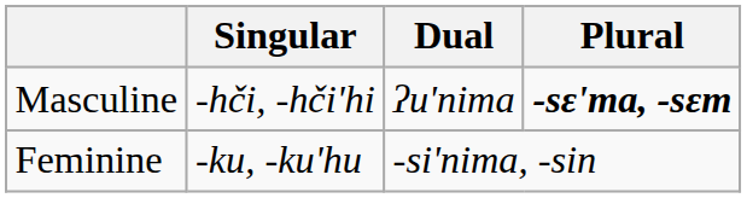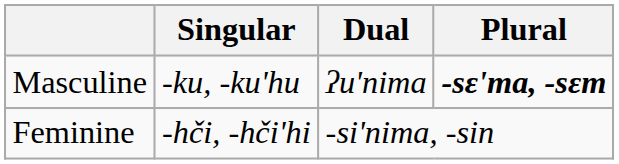 <table class="wikitable">
 <tr>
 <th></th>
 <th>Singular</th>
 <th>Dual</th>
 <th>Plural</th>
 </tr>
 <tr>
 <td>Masculine</td>
-<td><em>-hči, -hči'hi</em></td>
+<td><em>-ku, -ku'hu</em></td>
 <td><em>ʔu'nima</em></td>
 <td><strong><em>-sɛ'ma, -sɛm</em></strong></td>
 </tr>
 <tr>
 <td>Feminine</td>
-<td><em>-ku, -ku'hu</em></td>
+<td><em>-hči, -hči'hi</em></td>
 <td colspan="2"><em>-si'nima, -sin</em></td>
 </tr>
 </table>
